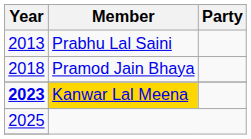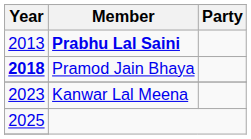 <table class="wikitable sortable">
 <tr>
 <th>Year</th>
 <th>Member</th>
 <th colspan="2">Party</th>
 </tr>
 <tr>
 <td><a href='#'>2013</a></td>
-<td><a href='#'>Prabhu Lal Saini</a></td>
+<td><strong><a href='#'>Prabhu Lal Saini</a></strong></td>
 <td></td>
 </tr>
 <tr>
-<td><a href='#'>2018</a></td>
+<td><strong><a href='#'>2018</a></strong></td>
 <td><a href='#'>Pramod Jain Bhaya</a></td>
 <td></td>
 </tr>
 <tr>
 </tr>
 <tr>
-<td><strong><a href='#'>2023</a></strong></td>
-<td style="background: gold;"><a href='#'>Kanwar Lal Meena</a></td>
+<td><a href='#'>2023</a></td>
+<td><a href='#'>Kanwar Lal Meena</a></td>
 <td></td>
 </tr>
 <tr>
 </tr>
 <tr>
 <td><a href='#'>2025</a></td>
 </tr>
 <tr>
 </tr>
 <tr>
 </tr>
 <tr>
 </tr>
 </table>
